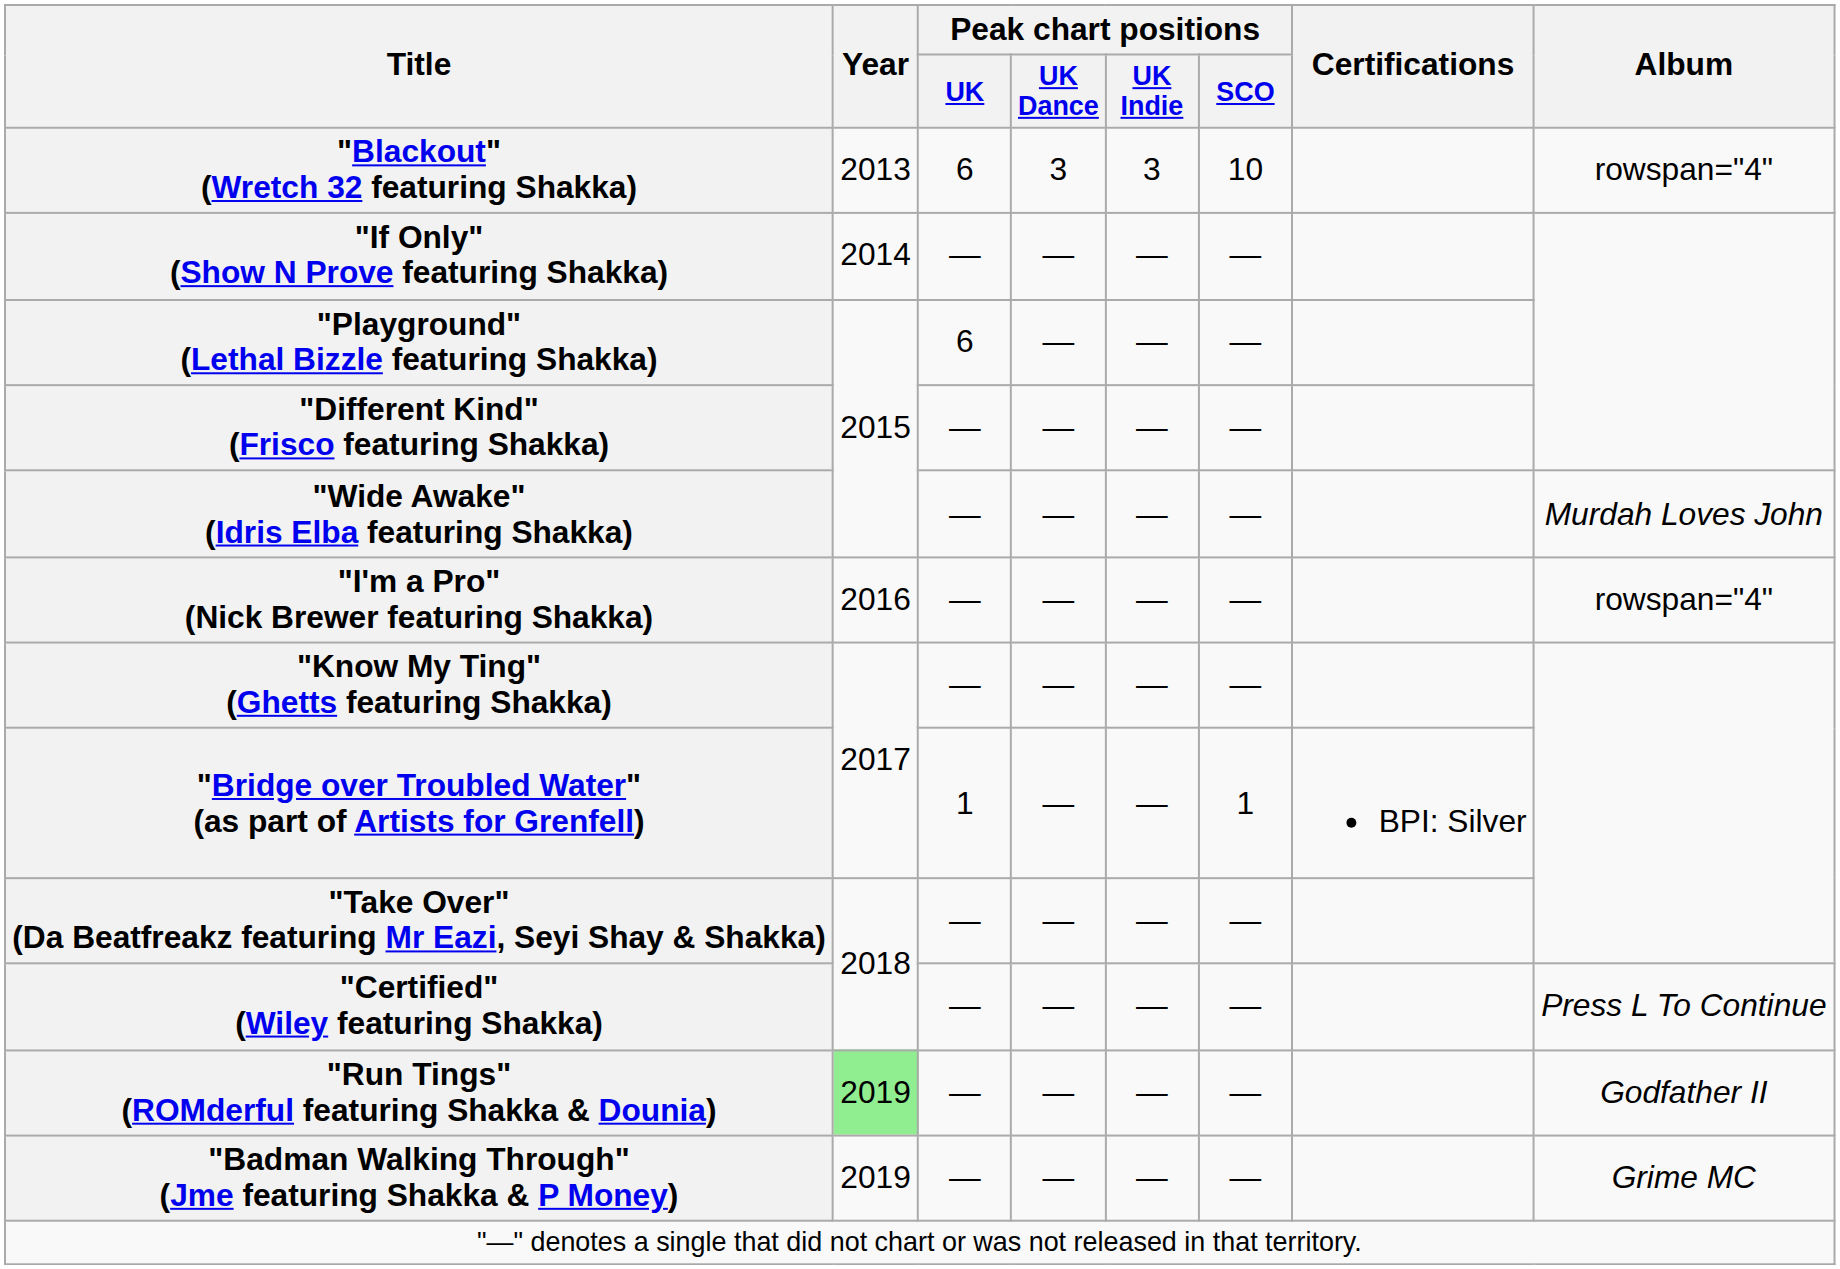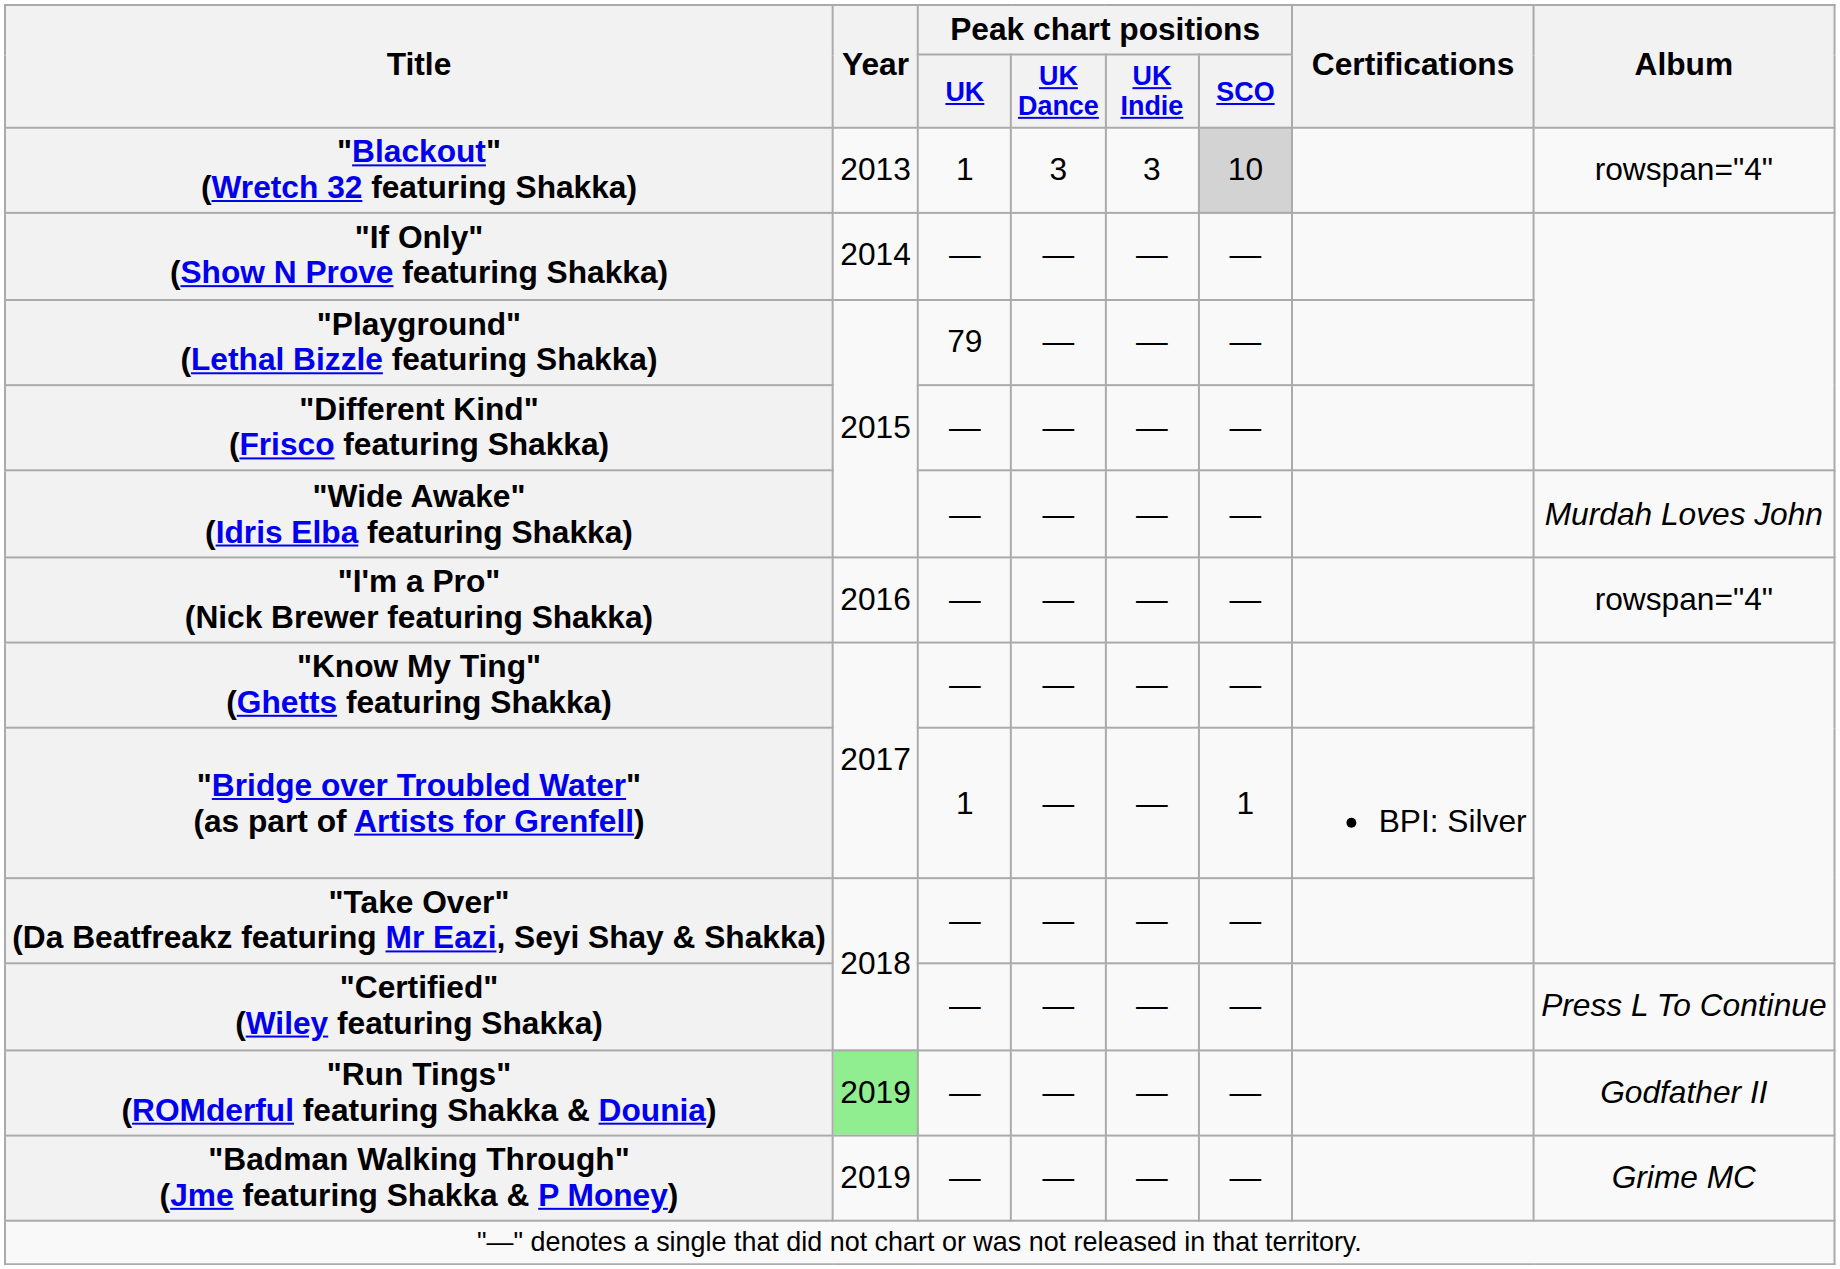 <table class="wikitable plainrowheaders" style="text-align:center;">
 <tr>
 <th scope="col" rowspan="2">Title</th>
 <th scope="col" rowspan="2">Year</th>
 <th scope="col" colspan="4">Peak chart positions</th>
 <th scope="col" rowspan="2">Certifications</th>
 <th scope="col" rowspan="2">Album</th>
 </tr>
 <tr>
 <th scope="col" style="width:3em;font-size:85%;"><a href='#'>UK</a><br></th>
 <th scope="col" style="width:3em;font-size:85%;"><a href='#'>UK Dance</a><br></th>
 <th scope="col" style="width:3em;font-size:85%;"><a href='#'>UK Indie</a><br></th>
 <th scope="col" style="width:3em;font-size:85%;"><a href='#'>SCO</a><br></th>
 </tr>
 <tr>
 <th scope="row">"<a href='#'>Blackout</a>"<br><span>(<a href='#'>Wretch 32</a> featuring Shakka)</span></th>
 <td>2013</td>
-<td>6</td>
+<td>1</td>
 <td>3</td>
 <td>3</td>
-<td>10</td>
+<td style="background: lightgrey;">10</td>
 <td></td>
 <td>rowspan="4" </td>
 </tr>
 <tr>
 <th scope="row">"If Only"<br><span>(<a href='#'>Show N Prove</a> featuring Shakka)</span></th>
 <td>2014</td>
 <td>—</td>
 <td>—</td>
 <td>—</td>
 <td>—</td>
 <td></td>
 </tr>
 <tr>
 <th scope="row">"Playground"<br><span>(<a href='#'>Lethal Bizzle</a> featuring Shakka)</span></th>
 <td rowspan="3">2015</td>
-<td>6</td>
+<td>79</td>
 <td>—</td>
 <td>—</td>
 <td>—</td>
 <td></td>
 </tr>
 <tr>
 <th scope="row">"Different Kind"<br><span>(<a href='#'>Frisco</a> featuring Shakka)</span></th>
 <td>—</td>
 <td>—</td>
 <td>—</td>
 <td>—</td>
 <td></td>
 </tr>
 <tr>
 <th scope="row">"Wide Awake"<br><span>(<a href='#'>Idris Elba</a> featuring Shakka)</span></th>
 <td>—</td>
 <td>—</td>
 <td>—</td>
 <td>—</td>
 <td></td>
 <td><em>Murdah Loves John</em></td>
 </tr>
 <tr>
 <th scope="row">"I'm a Pro"<br><span>(Nick Brewer featuring Shakka)</span></th>
 <td>2016</td>
 <td>—</td>
 <td>—</td>
 <td>—</td>
 <td>—</td>
 <td></td>
 <td>rowspan="4" </td>
 </tr>
 <tr>
 <th scope="row">"Know My Ting"<br><span>(<a href='#'>Ghetts</a> featuring Shakka)</span></th>
 <td rowspan="2">2017</td>
 <td>—</td>
 <td>—</td>
 <td>—</td>
 <td>—</td>
 <td></td>
 </tr>
 <tr>
 <th scope="row">"<a href='#'>Bridge over Troubled Water</a>"<br><span>(as part of <a href='#'>Artists for Grenfell</a>)</span></th>
 <td>1</td>
 <td>—</td>
 <td>—</td>
 <td>1</td>
 <td><br><ul><li>BPI: Silver</li></ul></td>
 </tr>
 <tr>
 <th scope="row">"Take Over"<br><span>(Da Beatfreakz featuring <a href='#'>Mr Eazi</a>, Seyi Shay & Shakka)</span></th>
 <td rowspan="2">2018</td>
 <td>—</td>
 <td>—</td>
 <td>—</td>
 <td>—</td>
 <td></td>
 </tr>
 <tr>
 <th scope="row">"Certified"<br><span>(<a href='#'>Wiley</a> featuring Shakka)</span></th>
 <td>—</td>
 <td>—</td>
 <td>—</td>
 <td>—</td>
 <td></td>
 <td><em>Press L To Continue</em></td>
 </tr>
 <tr>
 <th scope="row">"Run Tings"<br><span>(<a href='#'>ROMderful</a> featuring Shakka & <a href='#'>Dounia</a>)</span></th>
 <td style="background: lightgreen;">2019</td>
 <td>—</td>
 <td>—</td>
 <td>—</td>
 <td>—</td>
 <td></td>
 <td><em>Godfather II</em></td>
 </tr>
 <tr>
 <th scope="row">"Badman Walking Through"<br><span>(<a href='#'>Jme</a> featuring Shakka & <a href='#'>P Money</a>)</span></th>
 <td>2019</td>
 <td>—</td>
 <td>—</td>
 <td>—</td>
 <td>—</td>
 <td></td>
 <td><em>Grime MC</em></td>
 </tr>
 <tr>
 <td colspan="20" style="font-size:85%">"—" denotes a single that did not chart or was not released in that territory.</td>
 </tr>
 </table>
